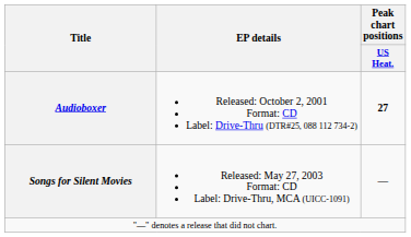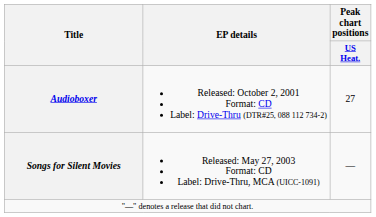 <table class="wikitable plainrowheaders" style="text-align:center;">
 <tr>
 <th rowspan="2" scope="col" style="width:14em;">Title</th>
 <th rowspan="2" scope="col" style="width:19em;">EP details</th>
 <th colspan="1" scope="col">Peak chart positions</th>
 </tr>
 <tr>
 <th style="width:2.5em; font-size:90%"><a href='#'>US<br>Heat.</a><br></th>
 </tr>
 <tr>
 <th scope="row"><em><a href='#'>Audioboxer</a></em></th>
 <td><br><ul><li>Released: October 2, 2001</li><li>Format: <a href='#'>CD</a></li><li>Label: <a href='#'>Drive-Thru</a> <small>(DTR#25, 088 112 734-2)</small></li></ul></td>
-<td><strong>27</strong></td>
+<td>27</td>
 </tr>
 <tr>
 <th scope="row"><em>Songs for Silent Movies</em></th>
 <td><br><ul><li>Released: May 27, 2003</li><li>Format: CD</li><li>Label: Drive-Thru, MCA <small>(UICC-1091)</small></li></ul></td>
 <td>—</td>
 </tr>
 <tr>
 <td colspan="13" style="text-align:center; font-size:85%;">"—" denotes a release that did not chart.</td>
 </tr>
 </table>
